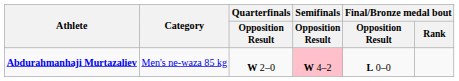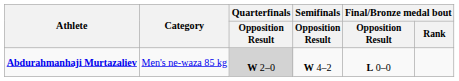 <table class="wikitable" style="text-align:center; font-size:90%">
 <tr>
 <th rowspan=2>Athlete</th>
 <th rowspan=2>Category</th>
 <th>Quarterfinals</th>
 <th>Semifinals</th>
 <th colspan=2>Final/Bronze medal bout</th>
 </tr>
 <tr style="font-size:95%">
 <th>Opposition<br>Result</th>
 <th>Opposition<br>Result</th>
 <th>Opposition<br>Result</th>
 <th>Rank</th>
 </tr>
 <tr>
 <td align=left><strong><a href='#'>Abdurahmanhaji Murtazaliev</a></strong></td>
 <td align=left><a href='#'>Men's ne-waza 85 kg</a></td>
-<td><br> <strong>W</strong> 2–0</td>
-<td style="background: pink;"><br> <strong>W</strong> 4–2</td>
+<td style="background: lightgrey;"><br> <strong>W</strong> 2–0</td>
+<td><br> <strong>W</strong> 4–2</td>
 <td><br> <strong>L</strong> 0–0</td>
 <td></td>
 </tr>
 </table>
